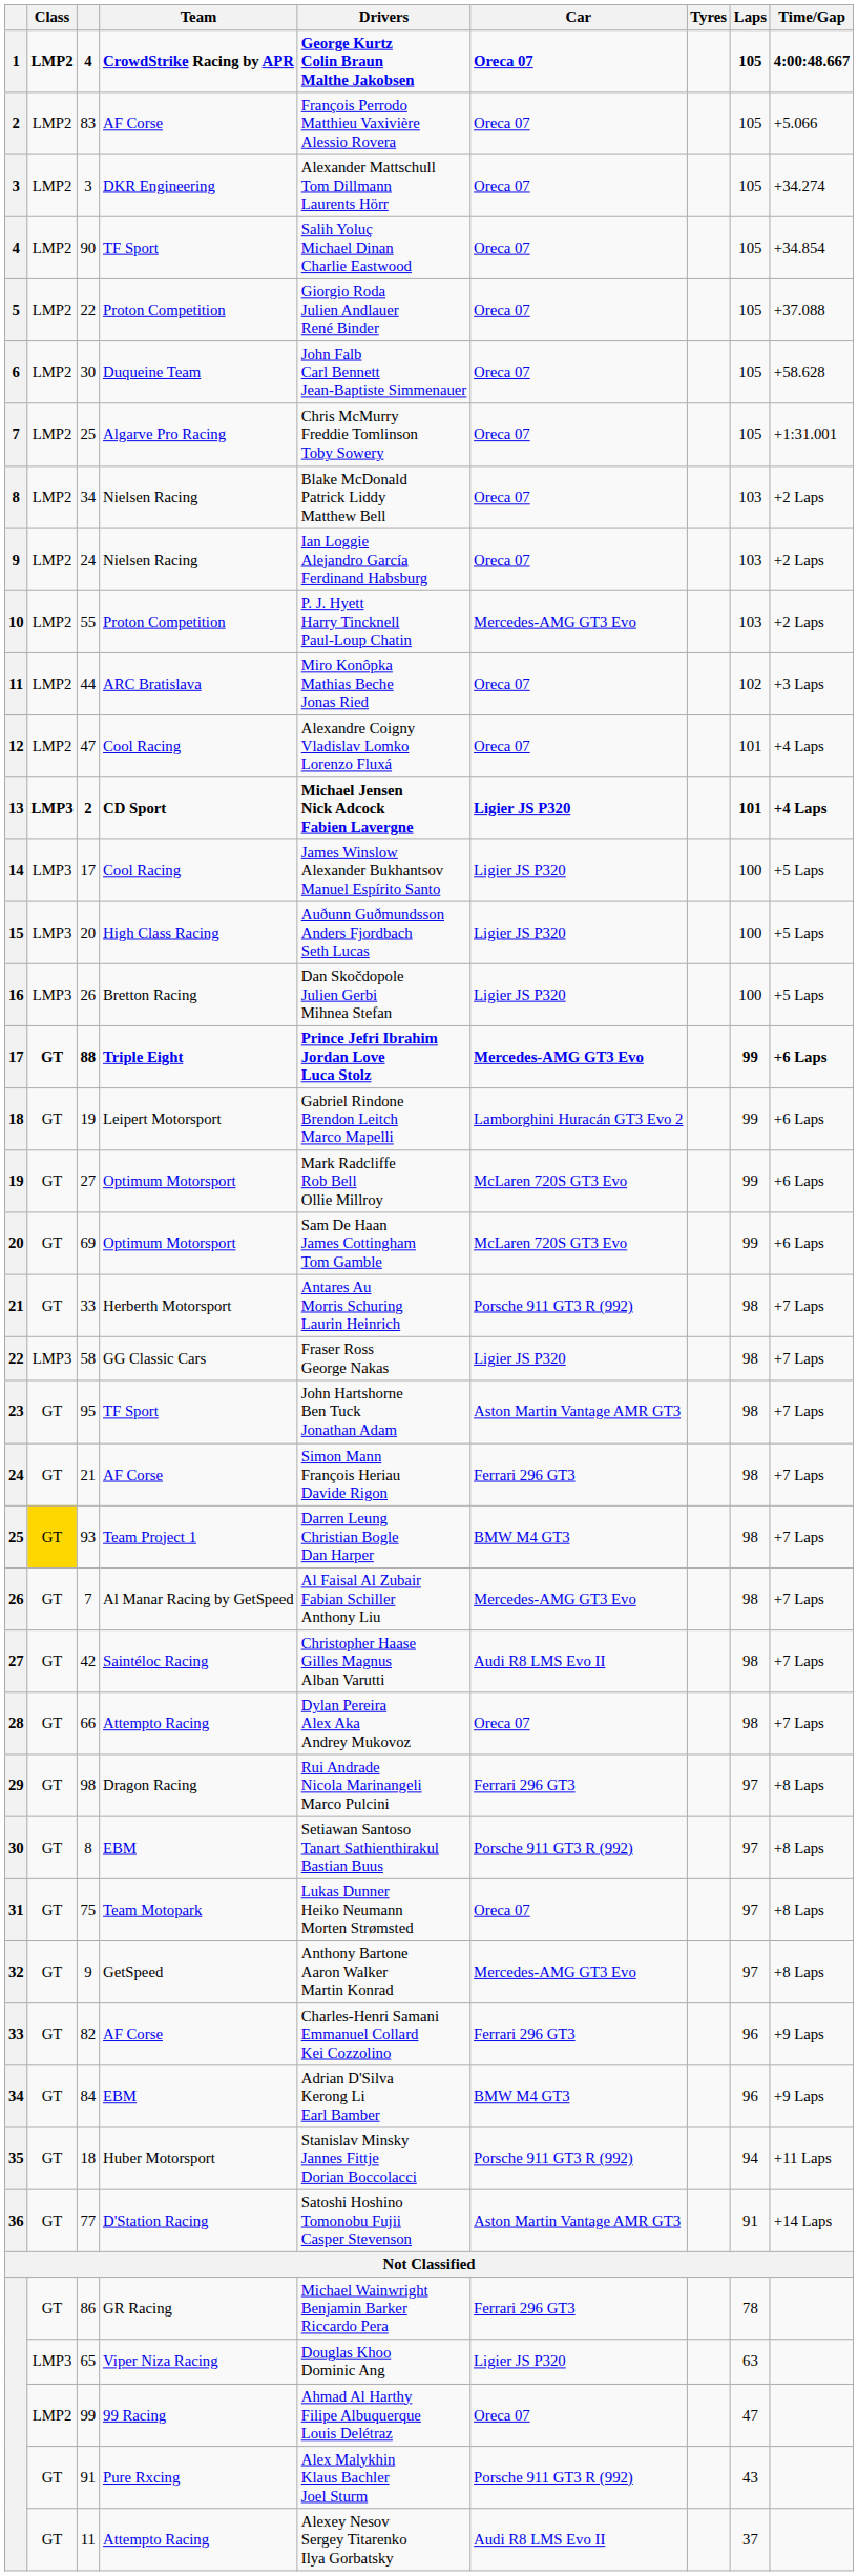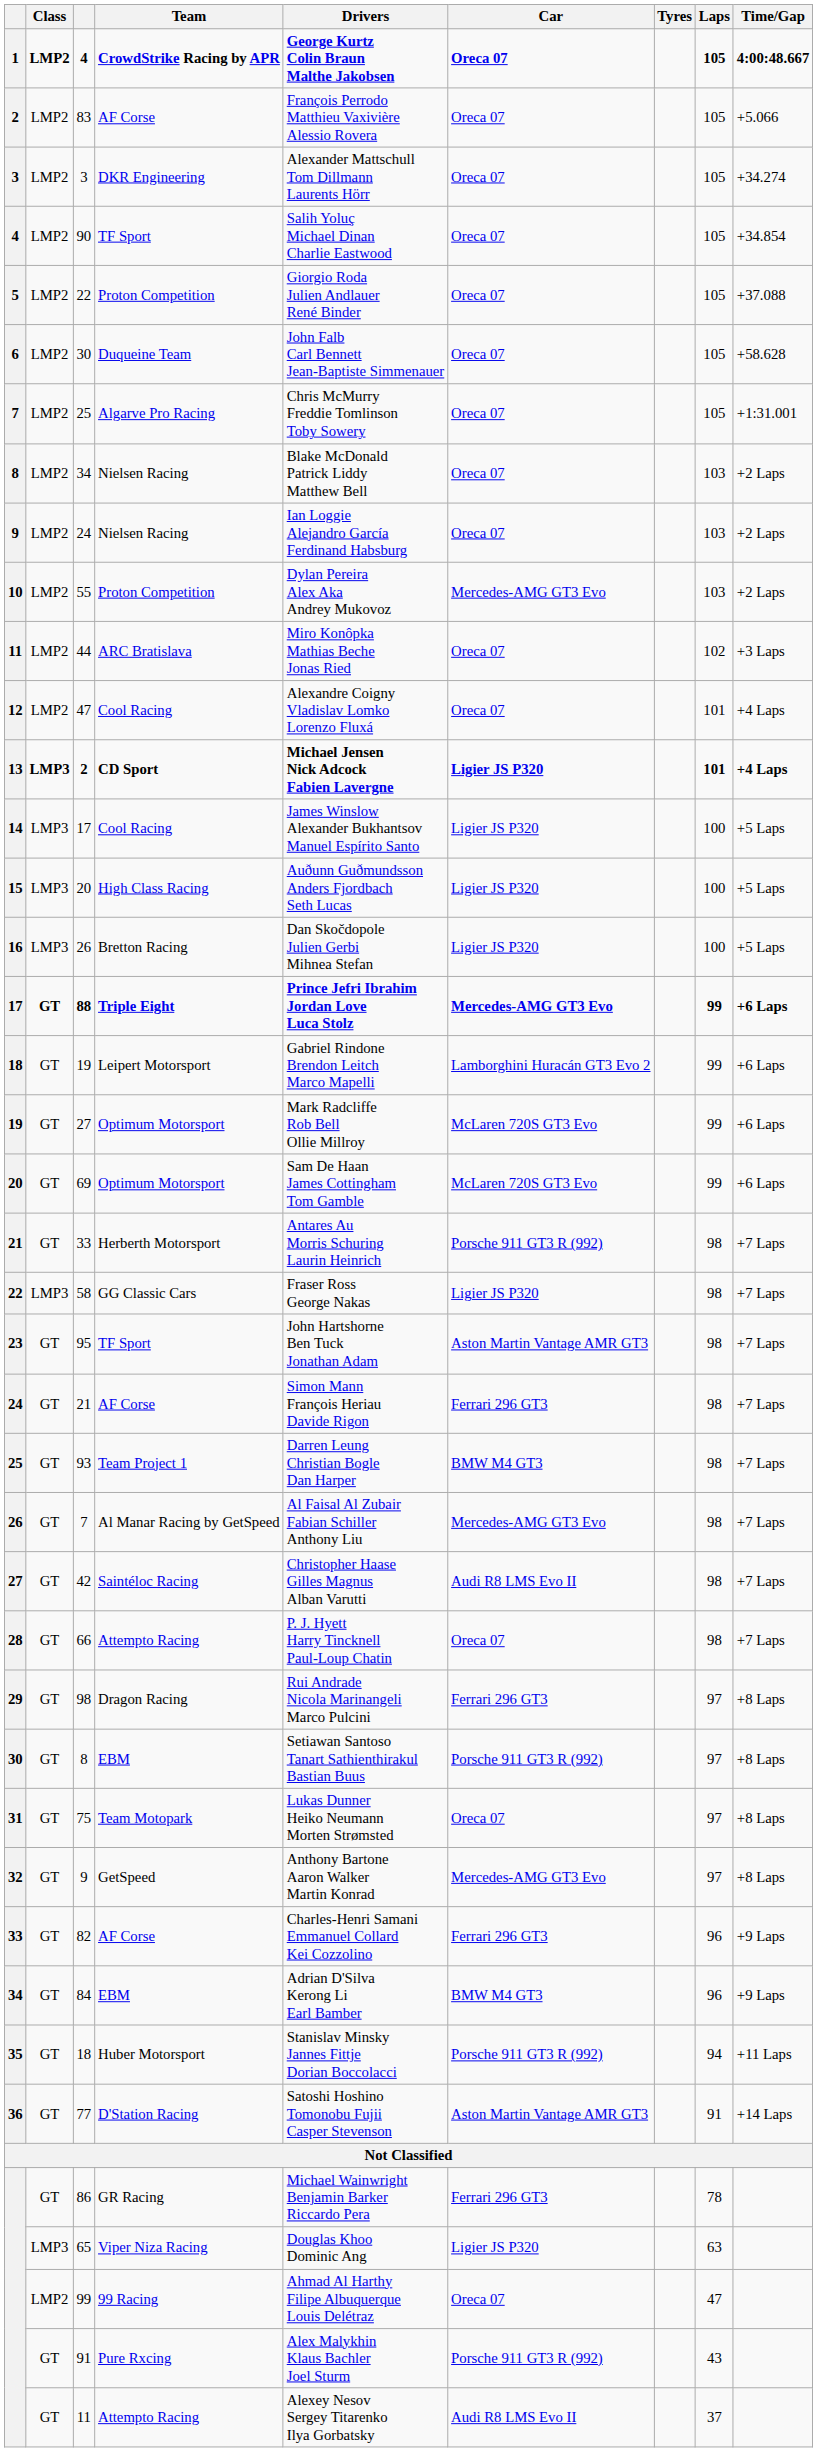 <table class="wikitable" style="font-size:95%;">
 <tr>
 <th></th>
 <th>Class</th>
 <th></th>
 <th>Team</th>
 <th>Drivers</th>
 <th>Car</th>
 <th>Tyres</th>
 <th>Laps</th>
 <th>Time/Gap</th>
 </tr>
 <tr style="font-weight: bold;">
 <th>1</th>
 <td align="center">LMP2</td>
 <td align="center">4</td>
 <td> <a href='#'>CrowdStrike</a> Racing by <a href='#'>APR</a></td>
 <td> <a href='#'>George Kurtz</a><br> <a href='#'>Colin Braun</a><br> <a href='#'>Malthe Jakobsen</a></td>
 <td><a href='#'>Oreca 07</a></td>
 <td align="center"></td>
 <td align="center">105</td>
 <td align="center">4:00:48.667</td>
 </tr>
 <tr>
 <th>2</th>
 <td align="center">LMP2</td>
 <td align="center">83</td>
 <td> <a href='#'>AF Corse</a></td>
 <td> <a href='#'>François Perrodo</a><br> <a href='#'>Matthieu Vaxivière</a><br> <a href='#'>Alessio Rovera</a></td>
 <td><a href='#'>Oreca 07</a></td>
 <td align="center"></td>
 <td align="center">105</td>
 <td>+5.066</td>
 </tr>
 <tr>
 <th>3</th>
 <td align="center">LMP2</td>
 <td align="center">3</td>
 <td> <a href='#'>DKR Engineering</a></td>
 <td> Alexander Mattschull<br> <a href='#'>Tom Dillmann</a><br> <a href='#'>Laurents Hörr</a></td>
 <td><a href='#'>Oreca 07</a></td>
 <td align="center"></td>
 <td align="center">105</td>
 <td>+34.274</td>
 </tr>
 <tr>
 <th>4</th>
 <td align="center">LMP2</td>
 <td align="center">90</td>
 <td> <a href='#'>TF Sport</a></td>
 <td> <a href='#'>Salih Yoluç</a><br> <a href='#'>Michael Dinan</a><br> <a href='#'>Charlie Eastwood</a></td>
 <td><a href='#'>Oreca 07</a></td>
 <td align="center"></td>
 <td align="center">105</td>
 <td>+34.854</td>
 </tr>
 <tr>
 <th>5</th>
 <td align="center">LMP2</td>
 <td align="center">22</td>
 <td> <a href='#'>Proton Competition</a></td>
 <td> <a href='#'>Giorgio Roda</a><br> <a href='#'>Julien Andlauer</a><br> <a href='#'>René Binder</a></td>
 <td><a href='#'>Oreca 07</a></td>
 <td align="center"></td>
 <td align="center">105</td>
 <td>+37.088</td>
 </tr>
 <tr>
 <th>6</th>
 <td align="center">LMP2</td>
 <td align="center">30</td>
 <td> <a href='#'>Duqueine Team</a></td>
 <td> <a href='#'>John Falb</a><br> <a href='#'>Carl Bennett</a><br> <a href='#'>Jean-Baptiste Simmenauer</a></td>
 <td><a href='#'>Oreca 07</a></td>
 <td align="center"></td>
 <td align="center">105</td>
 <td>+58.628</td>
 </tr>
 <tr>
 <th>7</th>
 <td align="center">LMP2</td>
 <td align="center">25</td>
 <td> <a href='#'>Algarve Pro Racing</a></td>
 <td> Chris McMurry<br> Freddie Tomlinson<br> <a href='#'>Toby Sowery</a></td>
 <td><a href='#'>Oreca 07</a></td>
 <td align="center"></td>
 <td align="center">105</td>
 <td>+1:31.001</td>
 </tr>
 <tr>
 <th>8</th>
 <td align="center">LMP2</td>
 <td align="center">34</td>
 <td> Nielsen Racing</td>
 <td> Blake McDonald<br> Patrick Liddy<br> Matthew Bell</td>
 <td><a href='#'>Oreca 07</a></td>
 <td align="center"></td>
 <td align="center">103</td>
 <td>+2 Laps</td>
 </tr>
 <tr>
 <th>9</th>
 <td align="center">LMP2</td>
 <td align="center">24</td>
 <td> Nielsen Racing</td>
 <td> <a href='#'>Ian Loggie</a><br> <a href='#'>Alejandro García</a><br> <a href='#'>Ferdinand Habsburg</a></td>
 <td><a href='#'>Oreca 07</a></td>
 <td align="center"></td>
 <td align="center">103</td>
 <td>+2 Laps</td>
 </tr>
 <tr>
 <th>10</th>
 <td align="center">LMP2</td>
 <td align="center">55</td>
 <td> <a href='#'>Proton Competition</a></td>
-<td> <a href='#'>P. J. Hyett</a><br> <a href='#'>Harry Tincknell</a><br> <a href='#'>Paul-Loup Chatin</a></td>
+<td> <a href='#'>Dylan Pereira</a><br> <a href='#'>Alex Aka</a><br> Andrey Mukovoz</td>
 <td><a href='#'>Mercedes-AMG GT3 Evo</a></td>
 <td align="center"></td>
 <td align="center">103</td>
 <td>+2 Laps</td>
 </tr>
 <tr>
 <th>11</th>
 <td align="center">LMP2</td>
 <td align="center">44</td>
 <td> <a href='#'>ARC Bratislava</a></td>
 <td> <a href='#'>Miro Konôpka</a><br> <a href='#'>Mathias Beche</a><br> <a href='#'>Jonas Ried</a></td>
 <td><a href='#'>Oreca 07</a></td>
 <td align="center"></td>
 <td align="center">102</td>
 <td>+3 Laps</td>
 </tr>
 <tr>
 <th>12</th>
 <td align="center">LMP2</td>
 <td align="center">47</td>
 <td> <a href='#'>Cool Racing</a></td>
 <td> Alexandre Coigny<br> <a href='#'>Vladislav Lomko</a><br> <a href='#'>Lorenzo Fluxá</a></td>
 <td><a href='#'>Oreca 07</a></td>
 <td align="center"></td>
 <td align="center">101</td>
 <td>+4 Laps</td>
 </tr>
 <tr style="font-weight: bold;">
 <th>13</th>
 <td align="center">LMP3</td>
 <td align="center">2</td>
 <td> CD Sport</td>
 <td> Michael Jensen<br> Nick Adcock<br> <a href='#'>Fabien Lavergne</a></td>
 <td><a href='#'>Ligier JS P320</a></td>
 <td align="center"></td>
 <td align="center">101</td>
 <td>+4 Laps</td>
 </tr>
 <tr>
 <th>14</th>
 <td align="center">LMP3</td>
 <td align="center">17</td>
 <td> <a href='#'>Cool Racing</a></td>
 <td> <a href='#'>James Winslow</a><br> Alexander Bukhantsov<br> <a href='#'>Manuel Espírito Santo</a></td>
 <td><a href='#'>Ligier JS P320</a></td>
 <td align="center"></td>
 <td align="center">100</td>
 <td>+5 Laps</td>
 </tr>
 <tr>
 <th>15</th>
 <td align="center">LMP3</td>
 <td align="center">20</td>
 <td> <a href='#'>High Class Racing</a></td>
 <td> <a href='#'>Auðunn Guðmundsson</a><br> <a href='#'>Anders Fjordbach</a><br> <a href='#'>Seth Lucas</a></td>
 <td><a href='#'>Ligier JS P320</a></td>
 <td align="center"></td>
 <td align="center">100</td>
 <td>+5 Laps</td>
 </tr>
 <tr>
 <th>16</th>
 <td align="center">LMP3</td>
 <td align="center">26</td>
 <td> Bretton Racing</td>
 <td> Dan Skočdopole<br> <a href='#'>Julien Gerbi</a><br> Mihnea Stefan</td>
 <td><a href='#'>Ligier JS P320</a></td>
 <td align="center"></td>
 <td align="center">100</td>
 <td>+5 Laps</td>
 </tr>
 <tr style="font-weight: bold;">
 <th>17</th>
 <td align="center">GT</td>
 <td align="center">88</td>
 <td> <a href='#'>Triple Eight</a></td>
 <td> <a href='#'>Prince Jefri Ibrahim</a><br> <a href='#'>Jordan Love</a><br> <a href='#'>Luca Stolz</a></td>
 <td><a href='#'>Mercedes-AMG GT3 Evo</a></td>
 <td align="center"></td>
 <td align="center">99</td>
 <td>+6 Laps</td>
 </tr>
 <tr>
 <th>18</th>
 <td align="center">GT</td>
 <td align="center">19</td>
 <td> Leipert Motorsport</td>
 <td> Gabriel Rindone<br> <a href='#'>Brendon Leitch</a><br> <a href='#'>Marco Mapelli</a></td>
 <td><a href='#'>Lamborghini Huracán GT3 Evo 2</a></td>
 <td align="center"></td>
 <td align="center">99</td>
 <td>+6 Laps</td>
 </tr>
 <tr>
 <th>19</th>
 <td align="center">GT</td>
 <td align="center">27</td>
 <td> <a href='#'>Optimum Motorsport</a></td>
 <td> Mark Radcliffe<br> <a href='#'>Rob Bell</a><br> Ollie Millroy</td>
 <td><a href='#'>McLaren 720S GT3 Evo</a></td>
 <td align="center"></td>
 <td align="center">99</td>
 <td>+6 Laps</td>
 </tr>
 <tr>
 <th>20</th>
 <td align="center">GT</td>
 <td align="center">69</td>
 <td> <a href='#'>Optimum Motorsport</a></td>
 <td> Sam De Haan<br> <a href='#'>James Cottingham</a><br> <a href='#'>Tom Gamble</a></td>
 <td><a href='#'>McLaren 720S GT3 Evo</a></td>
 <td align="center"></td>
 <td align="center">99</td>
 <td>+6 Laps</td>
 </tr>
 <tr>
 <th>21</th>
 <td align="center">GT</td>
 <td align="center">33</td>
 <td> Herberth Motorsport</td>
 <td> <a href='#'>Antares Au</a><br> <a href='#'>Morris Schuring</a><br> <a href='#'>Laurin Heinrich</a></td>
 <td><a href='#'>Porsche 911 GT3 R (992)</a></td>
 <td align="center"></td>
 <td align="center">98</td>
 <td>+7 Laps</td>
 </tr>
 <tr>
 <th>22</th>
 <td align="center">LMP3</td>
 <td align="center">58</td>
 <td> GG Classic Cars</td>
 <td> Fraser Ross<br> George Nakas</td>
 <td><a href='#'>Ligier JS P320</a></td>
 <td align="center"></td>
 <td align="center">98</td>
 <td>+7 Laps</td>
 </tr>
 <tr>
 <th>23</th>
 <td align="center">GT</td>
 <td align="center">95</td>
 <td> <a href='#'>TF Sport</a></td>
 <td> John Hartshorne<br> Ben Tuck<br> <a href='#'>Jonathan Adam</a></td>
 <td><a href='#'>Aston Martin Vantage AMR GT3</a></td>
 <td align="center"></td>
 <td align="center">98</td>
 <td>+7 Laps</td>
 </tr>
 <tr>
 <th>24</th>
 <td align="center">GT</td>
 <td align="center">21</td>
 <td> <a href='#'>AF Corse</a></td>
 <td> <a href='#'>Simon Mann</a><br> François Heriau<br> <a href='#'>Davide Rigon</a></td>
 <td><a href='#'>Ferrari 296 GT3</a></td>
 <td align="center"></td>
 <td align="center">98</td>
 <td>+7 Laps</td>
 </tr>
 <tr>
 <th>25</th>
-<td align="center" style="background: gold;">GT</td>
+<td align="center">GT</td>
 <td align="center">93</td>
 <td> <a href='#'>Team Project 1</a></td>
 <td> <a href='#'>Darren Leung</a><br> <a href='#'>Christian Bogle</a><br> <a href='#'>Dan Harper</a></td>
 <td><a href='#'>BMW M4 GT3</a></td>
 <td align="center"></td>
 <td align="center">98</td>
 <td>+7 Laps</td>
 </tr>
 <tr>
 <th>26</th>
 <td align="center">GT</td>
 <td align="center">7</td>
 <td> Al Manar Racing by GetSpeed</td>
 <td> <a href='#'>Al Faisal Al Zubair</a><br> <a href='#'>Fabian Schiller</a><br> Anthony Liu</td>
 <td><a href='#'>Mercedes-AMG GT3 Evo</a></td>
 <td align="center"></td>
 <td align="center">98</td>
 <td>+7 Laps</td>
 </tr>
 <tr>
 <th>27</th>
 <td align="center">GT</td>
 <td align="center">42</td>
 <td> <a href='#'>Saintéloc Racing</a></td>
 <td> <a href='#'>Christopher Haase</a><br> <a href='#'>Gilles Magnus</a><br> Alban Varutti</td>
 <td><a href='#'>Audi R8 LMS Evo II</a></td>
 <td align="center"></td>
 <td align="center">98</td>
 <td>+7 Laps</td>
 </tr>
 <tr>
 <th>28</th>
 <td align="center">GT</td>
 <td align="center">66</td>
 <td> <a href='#'>Attempto Racing</a></td>
-<td> <a href='#'>Dylan Pereira</a><br> <a href='#'>Alex Aka</a><br> Andrey Mukovoz</td>
+<td> <a href='#'>P. J. Hyett</a><br> <a href='#'>Harry Tincknell</a><br> <a href='#'>Paul-Loup Chatin</a></td>
 <td><a href='#'>Oreca 07</a></td>
 <td align="center"></td>
 <td align="center">98</td>
 <td>+7 Laps</td>
 </tr>
 <tr>
 <th>29</th>
 <td align="center">GT</td>
 <td align="center">98</td>
 <td> Dragon Racing</td>
 <td> <a href='#'>Rui Andrade</a><br> <a href='#'>Nicola Marinangeli</a><br> Marco Pulcini</td>
 <td><a href='#'>Ferrari 296 GT3</a></td>
 <td align="center"></td>
 <td align="center">97</td>
 <td>+8 Laps</td>
 </tr>
 <tr>
 <th>30</th>
 <td align="center">GT</td>
 <td align="center">8</td>
 <td> <a href='#'>EBM</a></td>
 <td> Setiawan Santoso<br> <a href='#'>Tanart Sathienthirakul</a><br> <a href='#'>Bastian Buus</a></td>
 <td><a href='#'>Porsche 911 GT3 R (992)</a></td>
 <td align="center"></td>
 <td align="center">97</td>
 <td>+8 Laps</td>
 </tr>
 <tr>
 <th>31</th>
 <td align="center">GT</td>
 <td align="center">75</td>
 <td> <a href='#'>Team Motopark</a></td>
 <td> <a href='#'>Lukas Dunner</a><br> Heiko Neumann<br> Morten Strømsted</td>
 <td><a href='#'>Oreca 07</a></td>
 <td align="center"></td>
 <td align="center">97</td>
 <td>+8 Laps</td>
 </tr>
 <tr>
 <th>32</th>
 <td align="center">GT</td>
 <td align="center">9</td>
 <td> GetSpeed</td>
 <td> Anthony Bartone<br> Aaron Walker<br> Martin Konrad</td>
 <td><a href='#'>Mercedes-AMG GT3 Evo</a></td>
 <td align="center"></td>
 <td align="center">97</td>
 <td>+8 Laps</td>
 </tr>
 <tr>
 <th>33</th>
 <td align="center">GT</td>
 <td align="center">82</td>
 <td> <a href='#'>AF Corse</a></td>
 <td> Charles-Henri Samani<br> <a href='#'>Emmanuel Collard</a><br> <a href='#'>Kei Cozzolino</a></td>
 <td><a href='#'>Ferrari 296 GT3</a></td>
 <td align="center"></td>
 <td align="center">96</td>
 <td>+9 Laps</td>
 </tr>
 <tr>
 <th>34</th>
 <td align="center">GT</td>
 <td align="center">84</td>
 <td> <a href='#'>EBM</a></td>
 <td> Adrian D'Silva<br> Kerong Li<br> <a href='#'>Earl Bamber</a></td>
 <td><a href='#'>BMW M4 GT3</a></td>
 <td align="center"></td>
 <td align="center">96</td>
 <td>+9 Laps</td>
 </tr>
 <tr>
 <th>35</th>
 <td align="center">GT</td>
 <td align="center">18</td>
 <td> Huber Motorsport</td>
 <td> Stanislav Minsky<br> <a href='#'>Jannes Fittje</a><br> <a href='#'>Dorian Boccolacci</a></td>
 <td><a href='#'>Porsche 911 GT3 R (992)</a></td>
 <td align="center"></td>
 <td align="center">94</td>
 <td>+11 Laps</td>
 </tr>
 <tr>
 <th>36</th>
 <td align="center">GT</td>
 <td align="center">77</td>
 <td> <a href='#'>D'Station Racing</a></td>
 <td> Satoshi Hoshino<br> <a href='#'>Tomonobu Fujii</a><br> <a href='#'>Casper Stevenson</a></td>
 <td><a href='#'>Aston Martin Vantage AMR GT3</a></td>
 <td align="center"></td>
 <td align="center">91</td>
 <td>+14 Laps</td>
 </tr>
 <tr>
 <th colspan="9">Not Classified</th>
 </tr>
 <tr>
 <th rowspan="5"></th>
 <td align="center">GT</td>
 <td align="center">86</td>
 <td> GR Racing</td>
 <td> <a href='#'>Michael Wainwright</a><br> <a href='#'>Benjamin Barker</a><br> <a href='#'>Riccardo Pera</a></td>
 <td><a href='#'>Ferrari 296 GT3</a></td>
 <td align="center"></td>
 <td align="center">78</td>
 <td></td>
 </tr>
 <tr>
 <td align="center">LMP3</td>
 <td align="center">65</td>
 <td> <a href='#'>Viper Niza Racing</a></td>
 <td> <a href='#'>Douglas Khoo</a><br> Dominic Ang</td>
 <td><a href='#'>Ligier JS P320</a></td>
 <td align="center"></td>
 <td align="center">63</td>
 <td></td>
 </tr>
 <tr>
 <td align="center">LMP2</td>
 <td align="center">99</td>
 <td> <a href='#'>99 Racing</a></td>
 <td> <a href='#'>Ahmad Al Harthy</a><br> <a href='#'>Filipe Albuquerque</a><br> <a href='#'>Louis Delétraz</a></td>
 <td><a href='#'>Oreca 07</a></td>
 <td align="center"></td>
 <td align="center">47</td>
 <td></td>
 </tr>
 <tr>
 <td align="center">GT</td>
 <td align="center">91</td>
 <td> <a href='#'>Pure Rxcing</a></td>
 <td> <a href='#'>Alex Malykhin</a><br> <a href='#'>Klaus Bachler</a><br> <a href='#'>Joel Sturm</a></td>
 <td><a href='#'>Porsche 911 GT3 R (992)</a></td>
 <td align="center"></td>
 <td align="center">43</td>
 <td></td>
 </tr>
 <tr>
 <td align="center">GT</td>
 <td align="center">11</td>
 <td> <a href='#'>Attempto Racing</a></td>
 <td> Alexey Nesov<br> Sergey Titarenko<br> Ilya Gorbatsky</td>
 <td><a href='#'>Audi R8 LMS Evo II</a></td>
 <td align="center"></td>
 <td align="center">37</td>
 <td></td>
 </tr>
 </table>
